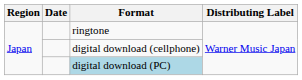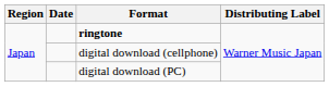 <table class="wikitable">
 <tr>
 <th>Region</th>
 <th>Date</th>
 <th>Format</th>
 <th>Distributing Label</th>
 </tr>
 <tr>
 <td rowspan="3"><a href='#'>Japan</a></td>
 <td></td>
-<td>ringtone</td>
+<td><strong>ringtone</strong></td>
 <td rowspan="3"><a href='#'>Warner Music Japan</a></td>
 </tr>
 <tr>
 <td></td>
 <td>digital download (cellphone)</td>
 </tr>
 <tr>
 <td></td>
-<td style="background: lightblue;">digital download (PC)</td>
+<td>digital download (PC)</td>
 </tr>
 </table>
